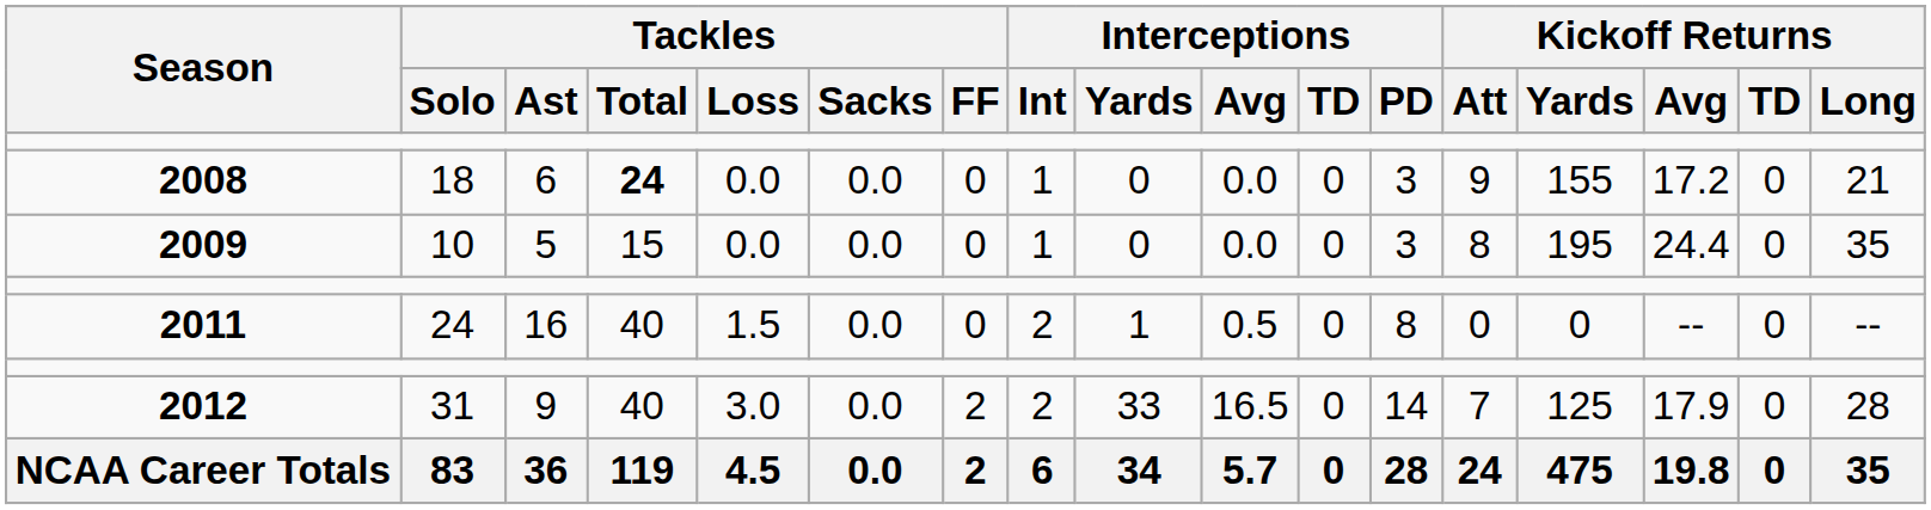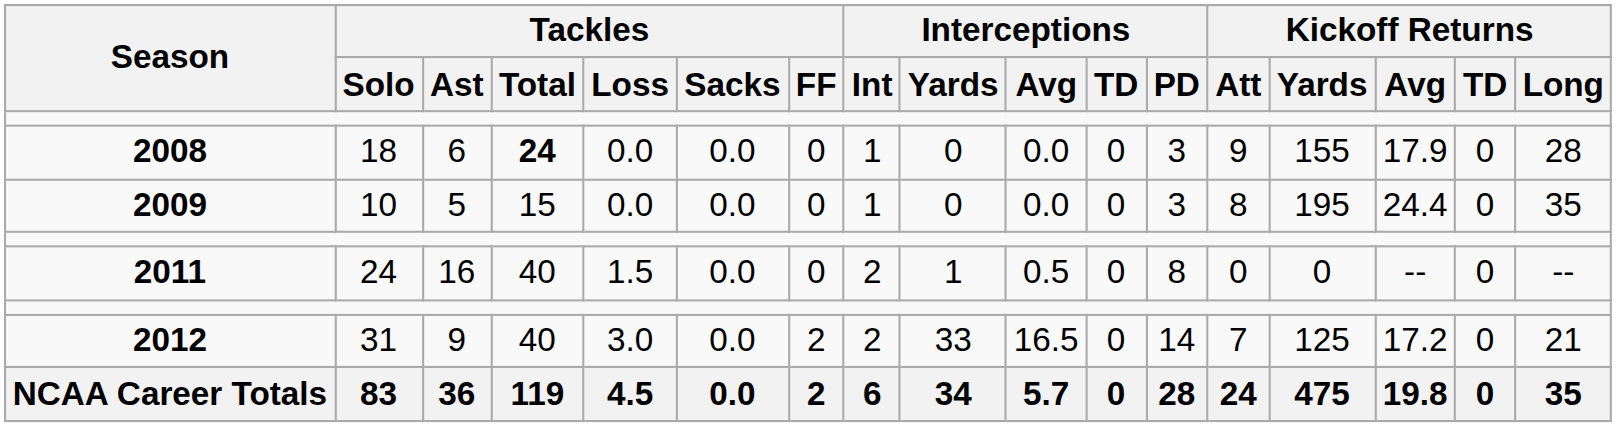 <table class=wikitable style="text-align:center;">
 <tr>
 </tr>
 <tr>
 </tr>
 <tr>
 <th rowspan=2>Season</th>
 <th colspan=6>Tackles</th>
 <th colspan=5>Interceptions</th>
 <th colspan=5>Kickoff Returns</th>
 </tr>
 <tr>
 <th>Solo</th>
 <th>Ast</th>
 <th>Total</th>
 <th>Loss</th>
 <th>Sacks</th>
 <th>FF</th>
 <th>Int</th>
 <th>Yards</th>
 <th>Avg</th>
 <th>TD</th>
 <th>PD</th>
 <th>Att</th>
 <th>Yards</th>
 <th>Avg</th>
 <th>TD</th>
 <th>Long</th>
 </tr>
 <tr>
 <td ! colspan="17"></td>
 </tr>
 <tr>
 <td><strong>2008</strong></td>
 <td>18</td>
 <td>6</td>
 <td><strong>24</strong></td>
 <td>0.0</td>
 <td>0.0</td>
 <td>0</td>
 <td>1</td>
 <td>0</td>
 <td>0.0</td>
 <td>0</td>
 <td>3</td>
 <td>9</td>
 <td>155</td>
-<td>17.2</td>
+<td>17.9</td>
 <td>0</td>
-<td>21</td>
+<td>28</td>
 </tr>
 <tr>
 <td><strong>2009</strong></td>
 <td>10</td>
 <td>5</td>
 <td>15</td>
 <td>0.0</td>
 <td>0.0</td>
 <td>0</td>
 <td>1</td>
 <td>0</td>
 <td>0.0</td>
 <td>0</td>
 <td>3</td>
 <td>8</td>
 <td>195</td>
 <td>24.4</td>
 <td>0</td>
 <td>35</td>
 </tr>
 <tr>
 <td ! colspan="17"></td>
 </tr>
 <tr>
 <td><strong>2011</strong></td>
 <td>24</td>
 <td>16</td>
 <td>40</td>
 <td>1.5</td>
 <td>0.0</td>
 <td>0</td>
 <td>2</td>
 <td>1</td>
 <td>0.5</td>
 <td>0</td>
 <td>8</td>
 <td>0</td>
 <td>0</td>
 <td>--</td>
 <td>0</td>
 <td>--</td>
 </tr>
 <tr>
 <td ! colspan="17"></td>
 </tr>
 <tr>
 <td><strong>2012</strong></td>
 <td>31</td>
 <td>9</td>
 <td>40</td>
 <td>3.0</td>
 <td>0.0</td>
 <td>2</td>
 <td>2</td>
 <td>33</td>
 <td>16.5</td>
 <td>0</td>
 <td>14</td>
 <td>7</td>
 <td>125</td>
-<td>17.9</td>
+<td>17.2</td>
 <td>0</td>
-<td>28</td>
+<td>21</td>
 </tr>
 <tr>
 <th>NCAA Career Totals</th>
 <th>83</th>
 <th>36</th>
 <th>119</th>
 <th>4.5</th>
 <th>0.0</th>
 <th>2</th>
 <th>6</th>
 <th>34</th>
 <th>5.7</th>
 <th>0</th>
 <th>28</th>
 <th>24</th>
 <th>475</th>
 <th>19.8</th>
 <th>0</th>
 <th>35</th>
 </tr>
 </table>
